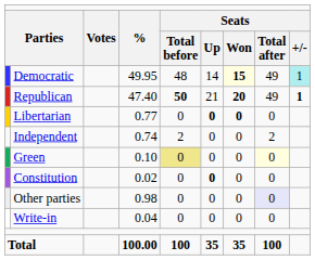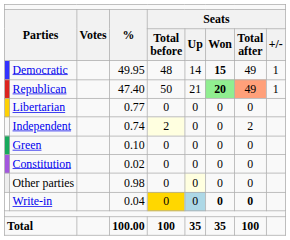 <table class="wikitable centre" style="text-align: center;">
 <tr>
 <td colspan=10 align="center"></td>
 </tr>
 <tr>
 <th scope=col colspan=2 rowspan=2>Parties</th>
 <th scope=col rowspan=2>Votes</th>
 <th scope=col rowspan=2>%</th>
 <th scope=col colspan=5>Seats</th>
 </tr>
 <tr>
 <th scope="col">Total<br>before</th>
 <th scope="col">Up</th>
 <th scope="col">Won</th>
 <th scope="col">Total<br>after</th>
 <th scope="col">+/-</th>
 </tr>
 <tr>
 <td bgcolor=#3333FF></td>
 <td align=left><a href='#'>Democratic</a></td>
 <td align=right></td>
 <td align=right>49.95</td>
 <td>48</td>
 <td>14</td>
-<td style="background: lightyellow;"><strong>15</strong></td>
+<td><strong>15</strong></td>
 <td>49</td>
-<td style="background: paleturquoise;"> 1</td>
+<td> 1</td>
 </tr>
 <tr>
 <td bgcolor=#DC241f></td>
 <td align=left><a href='#'>Republican</a></td>
 <td align=right></td>
 <td align=right>47.40</td>
-<td><strong>50</strong></td>
+<td>50</td>
 <td>21</td>
-<td><strong>20</strong></td>
-<td>49</td>
-<td><strong> 1</strong></td>
+<td style="background: lightgreen;"><strong>20</strong></td>
+<td style="background: lightsalmon;">49</td>
+<td> 1</td>
 </tr>
 <tr>
 <td bgcolor="#FED105"></td>
 <td align="left"><a href='#'>Libertarian</a></td>
 <td align="right"></td>
 <td align="right">0.77</td>
 <td>0</td>
-<td><strong>0</strong></td>
-<td><strong>0</strong></td>
+<td>0</td>
+<td>0</td>
 <td>0</td>
 <td></td>
 </tr>
 <tr>
 <td></td>
 <td align="left"><a href='#'>Independent</a></td>
 <td align="right"></td>
 <td align="right">0.74</td>
-<td>2</td>
+<td style="background: lightyellow;">2</td>
 <td>0</td>
 <td>0</td>
 <td>2</td>
 <td></td>
 </tr>
 <tr>
 <td bgcolor="#17aa5c"></td>
 <td align="left"><a href='#'>Green</a></td>
 <td align="right"></td>
 <td align="right">0.10</td>
-<td style="background: khaki;">0</td>
 <td>0</td>
 <td>0</td>
-<td style="background: lightyellow;">0</td>
+<td>0</td>
+<td>0</td>
 <td></td>
 </tr>
 <tr>
 <td bgcolor="#A356DE"></td>
 <td align="left"><a href='#'>Constitution</a></td>
 <td align="right"></td>
 <td align="right">0.02</td>
 <td>0</td>
-<td><strong>0</strong></td>
+<td>0</td>
 <td>0</td>
 <td>0</td>
 <td></td>
 </tr>
 <tr>
 <td bgcolor=#EEEEEE></td>
 <td align=left>Other parties</td>
 <td align=right></td>
 <td align=right>0.98</td>
 <td>0</td>
+<td style="background: lightyellow;">0</td>
 <td>0</td>
 <td>0</td>
-<td style="background: lavender;">0</td>
 <td></td>
 </tr>
 <tr>
 <td bgcolor=#FFFFFF></td>
 <td align=left><a href='#'>Write-in</a></td>
 <td align=right></td>
 <td align=right>0.04</td>
-<td>0</td>
-<td>0</td>
-<td>0</td>
-<td>0</td>
+<td style="background: gold;">0</td>
+<td style="background: lightblue;">0</td>
+<td><strong>0</strong></td>
+<td><strong>0</strong></td>
 <td></td>
 </tr>
 <tr>
 <td colspan="10"></td>
 </tr>
 <tr style="font-weight:bold;">
 <td align=left colspan=2>Total</td>
 <td align=right></td>
 <td align=right>100.00</td>
 <td>100</td>
 <td>35</td>
 <td>35</td>
 <td>100</td>
 <td></td>
 </tr>
 </table>
